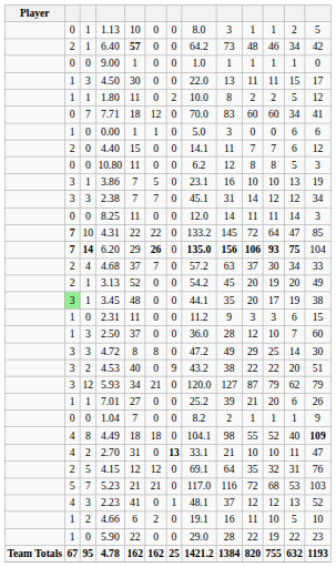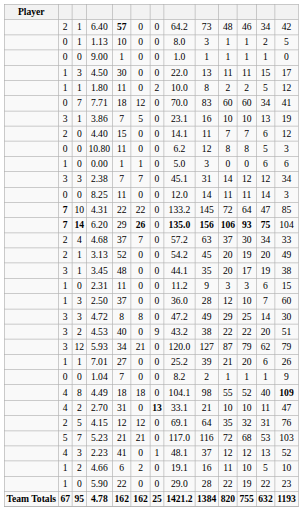 <table class="wikitable sortable" style="text-align:center;">
 <tr>
 <th>Player</th>
 <th></th>
 <th></th>
 <th></th>
 <th></th>
 <th></th>
 <th></th>
 <th></th>
 <th></th>
 <th></th>
 <th></th>
 <th></th>
 <th></th>
 </tr>
 <tr>
 <td align=left></td>
+<td>2</td>
+<td>1</td>
+<td>6.40</td>
+<td><strong>57</strong></td>
+<td>0</td>
+<td>0</td>
+<td>64.2</td>
+<td>73</td>
+<td>48</td>
+<td>46</td>
+<td>34</td>
+<td>42</td>
+</tr>
+<tr>
+<td align=left></td>
 <td>0</td>
 <td>1</td>
 <td>1.13</td>
 <td>10</td>
 <td>0</td>
 <td>0</td>
 <td>8.0</td>
 <td>3</td>
 <td>1</td>
 <td>1</td>
 <td>2</td>
 <td>5</td>
-</tr>
-<tr>
-<td align=left></td>
-<td>2</td>
-<td>1</td>
-<td>6.40</td>
-<td><strong>57</strong></td>
-<td>0</td>
-<td>0</td>
-<td>64.2</td>
-<td>73</td>
-<td>48</td>
-<td>46</td>
-<td>34</td>
-<td>42</td>
 </tr>
 <tr>
 <td align=left></td>
 <td>0</td>
 <td>0</td>
 <td>9.00</td>
 <td>1</td>
 <td>0</td>
 <td>0</td>
 <td>1.0</td>
 <td>1</td>
 <td>1</td>
 <td>1</td>
 <td>1</td>
 <td>0</td>
 </tr>
 <tr>
 <td align=left></td>
 <td>1</td>
 <td>3</td>
 <td>4.50</td>
 <td>30</td>
 <td>0</td>
 <td>0</td>
 <td>22.0</td>
 <td>13</td>
 <td>11</td>
 <td>11</td>
 <td>15</td>
 <td>17</td>
 </tr>
 <tr>
 <td align=left></td>
 <td>1</td>
 <td>1</td>
 <td>1.80</td>
 <td>11</td>
 <td>0</td>
 <td>2</td>
 <td>10.0</td>
 <td>8</td>
 <td>2</td>
 <td>2</td>
 <td>5</td>
 <td>12</td>
 </tr>
 <tr>
 <td align=left></td>
 <td>0</td>
 <td>7</td>
 <td>7.71</td>
 <td>18</td>
 <td>12</td>
 <td>0</td>
 <td>70.0</td>
 <td>83</td>
 <td>60</td>
 <td>60</td>
 <td>34</td>
 <td>41</td>
 </tr>
 <tr>
 <td align=left></td>
+<td>3</td>
 <td>1</td>
+<td>3.86</td>
+<td>7</td>
+<td>5</td>
 <td>0</td>
-<td>0.00</td>
-<td>1</td>
-<td>1</td>
-<td>0</td>
-<td>5.0</td>
-<td>3</td>
-<td>0</td>
-<td>0</td>
-<td>6</td>
-<td>6</td>
+<td>23.1</td>
+<td>16</td>
+<td>10</td>
+<td>10</td>
+<td>13</td>
+<td>19</td>
 </tr>
 <tr>
 <td align=left></td>
 <td>2</td>
 <td>0</td>
 <td>4.40</td>
 <td>15</td>
 <td>0</td>
 <td>0</td>
 <td>14.1</td>
 <td>11</td>
 <td>7</td>
 <td>7</td>
 <td>6</td>
 <td>12</td>
 </tr>
 <tr>
 <td align=left></td>
 <td>0</td>
 <td>0</td>
 <td>10.80</td>
 <td>11</td>
 <td>0</td>
 <td>0</td>
 <td>6.2</td>
 <td>12</td>
 <td>8</td>
 <td>8</td>
 <td>5</td>
 <td>3</td>
 </tr>
 <tr>
 <td align=left></td>
+<td>1</td>
+<td>0</td>
+<td>0.00</td>
+<td>1</td>
+<td>1</td>
+<td>0</td>
+<td>5.0</td>
 <td>3</td>
-<td>1</td>
-<td>3.86</td>
-<td>7</td>
-<td>5</td>
 <td>0</td>
-<td>23.1</td>
-<td>16</td>
-<td>10</td>
-<td>10</td>
-<td>13</td>
-<td>19</td>
+<td>0</td>
+<td>6</td>
+<td>6</td>
 </tr>
 <tr>
 <td align=left></td>
 <td>3</td>
 <td>3</td>
 <td>2.38</td>
 <td>7</td>
 <td>7</td>
 <td>0</td>
 <td>45.1</td>
 <td>31</td>
 <td>14</td>
 <td>12</td>
 <td>12</td>
 <td>34</td>
 </tr>
 <tr>
 <td align=left></td>
 <td>0</td>
 <td>0</td>
 <td>8.25</td>
 <td>11</td>
 <td>0</td>
 <td>0</td>
 <td>12.0</td>
 <td>14</td>
 <td>11</td>
 <td>11</td>
 <td>14</td>
 <td>3</td>
 </tr>
 <tr>
 <td align=left></td>
 <td><strong>7</strong></td>
 <td>10</td>
 <td>4.31</td>
 <td>22</td>
 <td>22</td>
 <td>0</td>
 <td>133.2</td>
 <td>145</td>
 <td>72</td>
 <td>64</td>
 <td>47</td>
 <td>85</td>
 </tr>
 <tr>
 <td align=left></td>
 <td><strong>7</strong></td>
 <td><strong>14</strong></td>
 <td>6.20</td>
 <td>29</td>
 <td><strong>26</strong></td>
 <td>0</td>
 <td><strong>135.0</strong></td>
 <td><strong>156</strong></td>
 <td><strong>106</strong></td>
 <td><strong>93</strong></td>
 <td><strong>75</strong></td>
 <td>104</td>
 </tr>
 <tr>
 <td align=left></td>
 <td>2</td>
 <td>4</td>
 <td>4.68</td>
 <td>37</td>
 <td>7</td>
 <td>0</td>
 <td>57.2</td>
 <td>63</td>
 <td>37</td>
 <td>30</td>
 <td>34</td>
 <td>33</td>
 </tr>
 <tr>
 <td align=left></td>
 <td>2</td>
 <td>1</td>
 <td>3.13</td>
 <td>52</td>
 <td>0</td>
 <td>0</td>
 <td>54.2</td>
 <td>45</td>
 <td>20</td>
 <td>19</td>
 <td>20</td>
 <td>49</td>
 </tr>
 <tr>
 <td align=left></td>
-<td style="background: lightgreen;">3</td>
+<td>3</td>
 <td>1</td>
 <td>3.45</td>
 <td>48</td>
 <td>0</td>
 <td>0</td>
 <td>44.1</td>
 <td>35</td>
 <td>20</td>
 <td>17</td>
 <td>19</td>
 <td>38</td>
 </tr>
 <tr>
 <td align=left></td>
 <td>1</td>
 <td>0</td>
 <td>2.31</td>
 <td>11</td>
 <td>0</td>
 <td>0</td>
 <td>11.2</td>
 <td>9</td>
 <td>3</td>
 <td>3</td>
 <td>6</td>
 <td>15</td>
 </tr>
 <tr>
 <td align=left></td>
 <td>1</td>
 <td>3</td>
 <td>2.50</td>
 <td>37</td>
 <td>0</td>
 <td>0</td>
 <td>36.0</td>
 <td>28</td>
 <td>12</td>
 <td>10</td>
 <td>7</td>
 <td>60</td>
 </tr>
 <tr>
 <td align=left></td>
 <td>3</td>
 <td>3</td>
 <td>4.72</td>
 <td>8</td>
 <td>8</td>
 <td>0</td>
 <td>47.2</td>
 <td>49</td>
 <td>29</td>
 <td>25</td>
 <td>14</td>
 <td>30</td>
 </tr>
 <tr>
 <td align=left></td>
 <td>3</td>
 <td>2</td>
 <td>4.53</td>
 <td>40</td>
 <td>0</td>
 <td>9</td>
 <td>43.2</td>
 <td>38</td>
 <td>22</td>
 <td>22</td>
 <td>20</td>
 <td>51</td>
 </tr>
 <tr>
 <td align=left></td>
 <td>3</td>
 <td>12</td>
 <td>5.93</td>
 <td>34</td>
 <td>21</td>
 <td>0</td>
 <td>120.0</td>
 <td>127</td>
 <td>87</td>
 <td>79</td>
 <td>62</td>
 <td>79</td>
 </tr>
 <tr>
 <td align=left></td>
 <td>1</td>
 <td>1</td>
 <td>7.01</td>
 <td>27</td>
 <td>0</td>
 <td>0</td>
 <td>25.2</td>
 <td>39</td>
 <td>21</td>
 <td>20</td>
 <td>6</td>
 <td>26</td>
 </tr>
 <tr>
 <td align=left></td>
 <td>0</td>
 <td>0</td>
 <td>1.04</td>
 <td>7</td>
 <td>0</td>
 <td>0</td>
 <td>8.2</td>
 <td>2</td>
 <td>1</td>
 <td>1</td>
 <td>1</td>
 <td>9</td>
 </tr>
 <tr>
 <td align=left></td>
 <td>4</td>
 <td>8</td>
 <td>4.49</td>
 <td>18</td>
 <td>18</td>
 <td>0</td>
 <td>104.1</td>
 <td>98</td>
 <td>55</td>
 <td>52</td>
 <td>40</td>
 <td><strong>109</strong></td>
 </tr>
 <tr>
 <td align=left></td>
 <td>4</td>
 <td>2</td>
 <td>2.70</td>
 <td>31</td>
 <td>0</td>
 <td><strong>13</strong></td>
 <td>33.1</td>
 <td>21</td>
 <td>10</td>
 <td>10</td>
 <td>11</td>
 <td>47</td>
 </tr>
 <tr>
 <td align=left></td>
 <td>2</td>
 <td>5</td>
 <td>4.15</td>
 <td>12</td>
 <td>12</td>
 <td>0</td>
 <td>69.1</td>
 <td>64</td>
 <td>35</td>
 <td>32</td>
 <td>31</td>
 <td>76</td>
 </tr>
 <tr>
 <td align=left></td>
 <td>5</td>
 <td>7</td>
 <td>5.23</td>
 <td>21</td>
 <td>21</td>
 <td>0</td>
 <td>117.0</td>
 <td>116</td>
 <td>72</td>
 <td>68</td>
 <td>53</td>
 <td>103</td>
 </tr>
 <tr>
 <td align=left></td>
 <td>4</td>
 <td>3</td>
 <td>2.23</td>
 <td>41</td>
 <td>0</td>
 <td>1</td>
 <td>48.1</td>
 <td>37</td>
 <td>12</td>
 <td>12</td>
 <td>13</td>
 <td>52</td>
 </tr>
 <tr>
 <td align=left></td>
 <td>1</td>
 <td>2</td>
 <td>4.66</td>
 <td>6</td>
 <td>2</td>
 <td>0</td>
 <td>19.1</td>
 <td>16</td>
 <td>11</td>
 <td>10</td>
 <td>5</td>
 <td>10</td>
 </tr>
 <tr>
 <td align=left></td>
 <td>1</td>
 <td>0</td>
 <td>5.90</td>
 <td>22</td>
 <td>0</td>
 <td>0</td>
 <td>29.0</td>
 <td>28</td>
 <td>22</td>
 <td>19</td>
 <td>22</td>
 <td>23</td>
 </tr>
 <tr>
 <td align=left><strong>Team Totals</strong></td>
 <td><strong>67</strong></td>
 <td><strong>95</strong></td>
 <td><strong>4.78</strong></td>
 <td><strong>162</strong></td>
 <td><strong>162</strong></td>
 <td><strong>25</strong></td>
 <td><strong>1421.2</strong></td>
 <td><strong>1384</strong></td>
 <td><strong>820</strong></td>
 <td><strong>755</strong></td>
 <td><strong>632</strong></td>
 <td><strong>1193</strong></td>
 </tr>
 <tr class=="sortbottom">
 </tr>
 </table>
